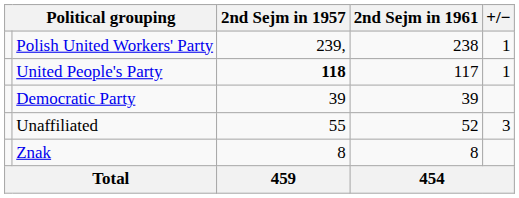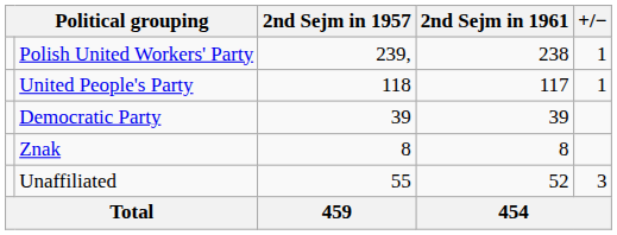 <table class="wikitable" style="text-align:right;">
 <tr>
 <th colspan=2>Political grouping</th>
 <th>2nd Sejm in 1957</th>
 <th>2nd Sejm in 1961</th>
 <th>+/−</th>
 </tr>
 <tr>
 <td style="background: "></td>
 <td style="text-align:left;"><a href='#'>Polish United Workers' Party</a></td>
 <td>239,</td>
 <td>238</td>
 <td>1</td>
 </tr>
 <tr>
 <td style="background: "></td>
 <td style="text-align:left;"><a href='#'>United People's Party</a></td>
-<td><strong>118</strong></td>
+<td>118</td>
 <td>117</td>
 <td>1</td>
 </tr>
 <tr>
 <td style="background: "></td>
 <td style="text-align:left;"><a href='#'>Democratic Party</a></td>
 <td>39</td>
 <td>39</td>
 <td></td>
 </tr>
 <tr>
 <td style="background:#"></td>
+<td style="text-align:left;"><a href='#'>Znak</a></td>
+<td>8</td>
+<td>8</td>
+<td></td>
+</tr>
+<tr>
+<td style="background:#"></td>
 <td style="text-align:left;">Unaffiliated</td>
 <td>55</td>
 <td>52</td>
 <td>3</td>
-</tr>
-<tr>
-<td style="background:#"></td>
-<td style="text-align:left;"><a href='#'>Znak</a></td>
-<td>8</td>
-<td>8</td>
-<td></td>
 </tr>
 <tr>
 <th colspan=2>Total</th>
 <th>459</th>
 <th colspan=2>454</th>
 </tr>
 </table>
